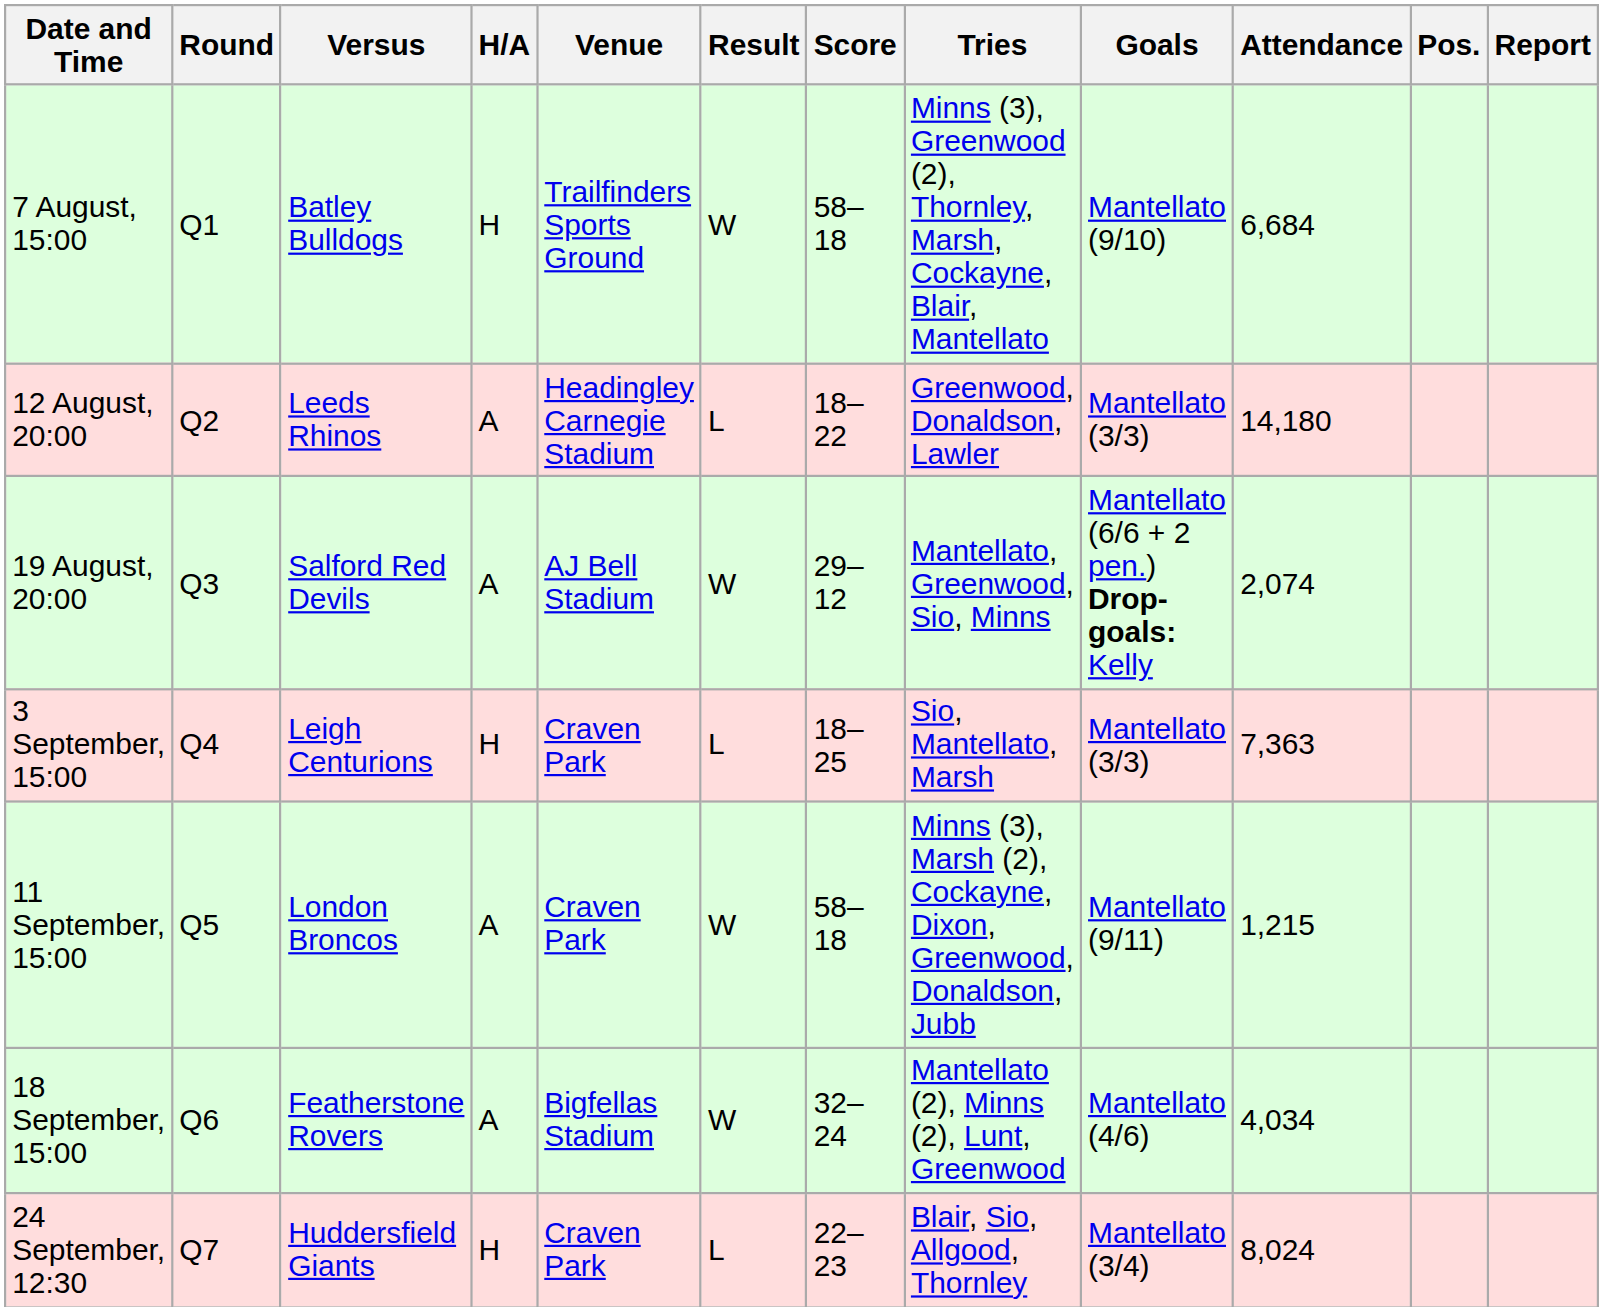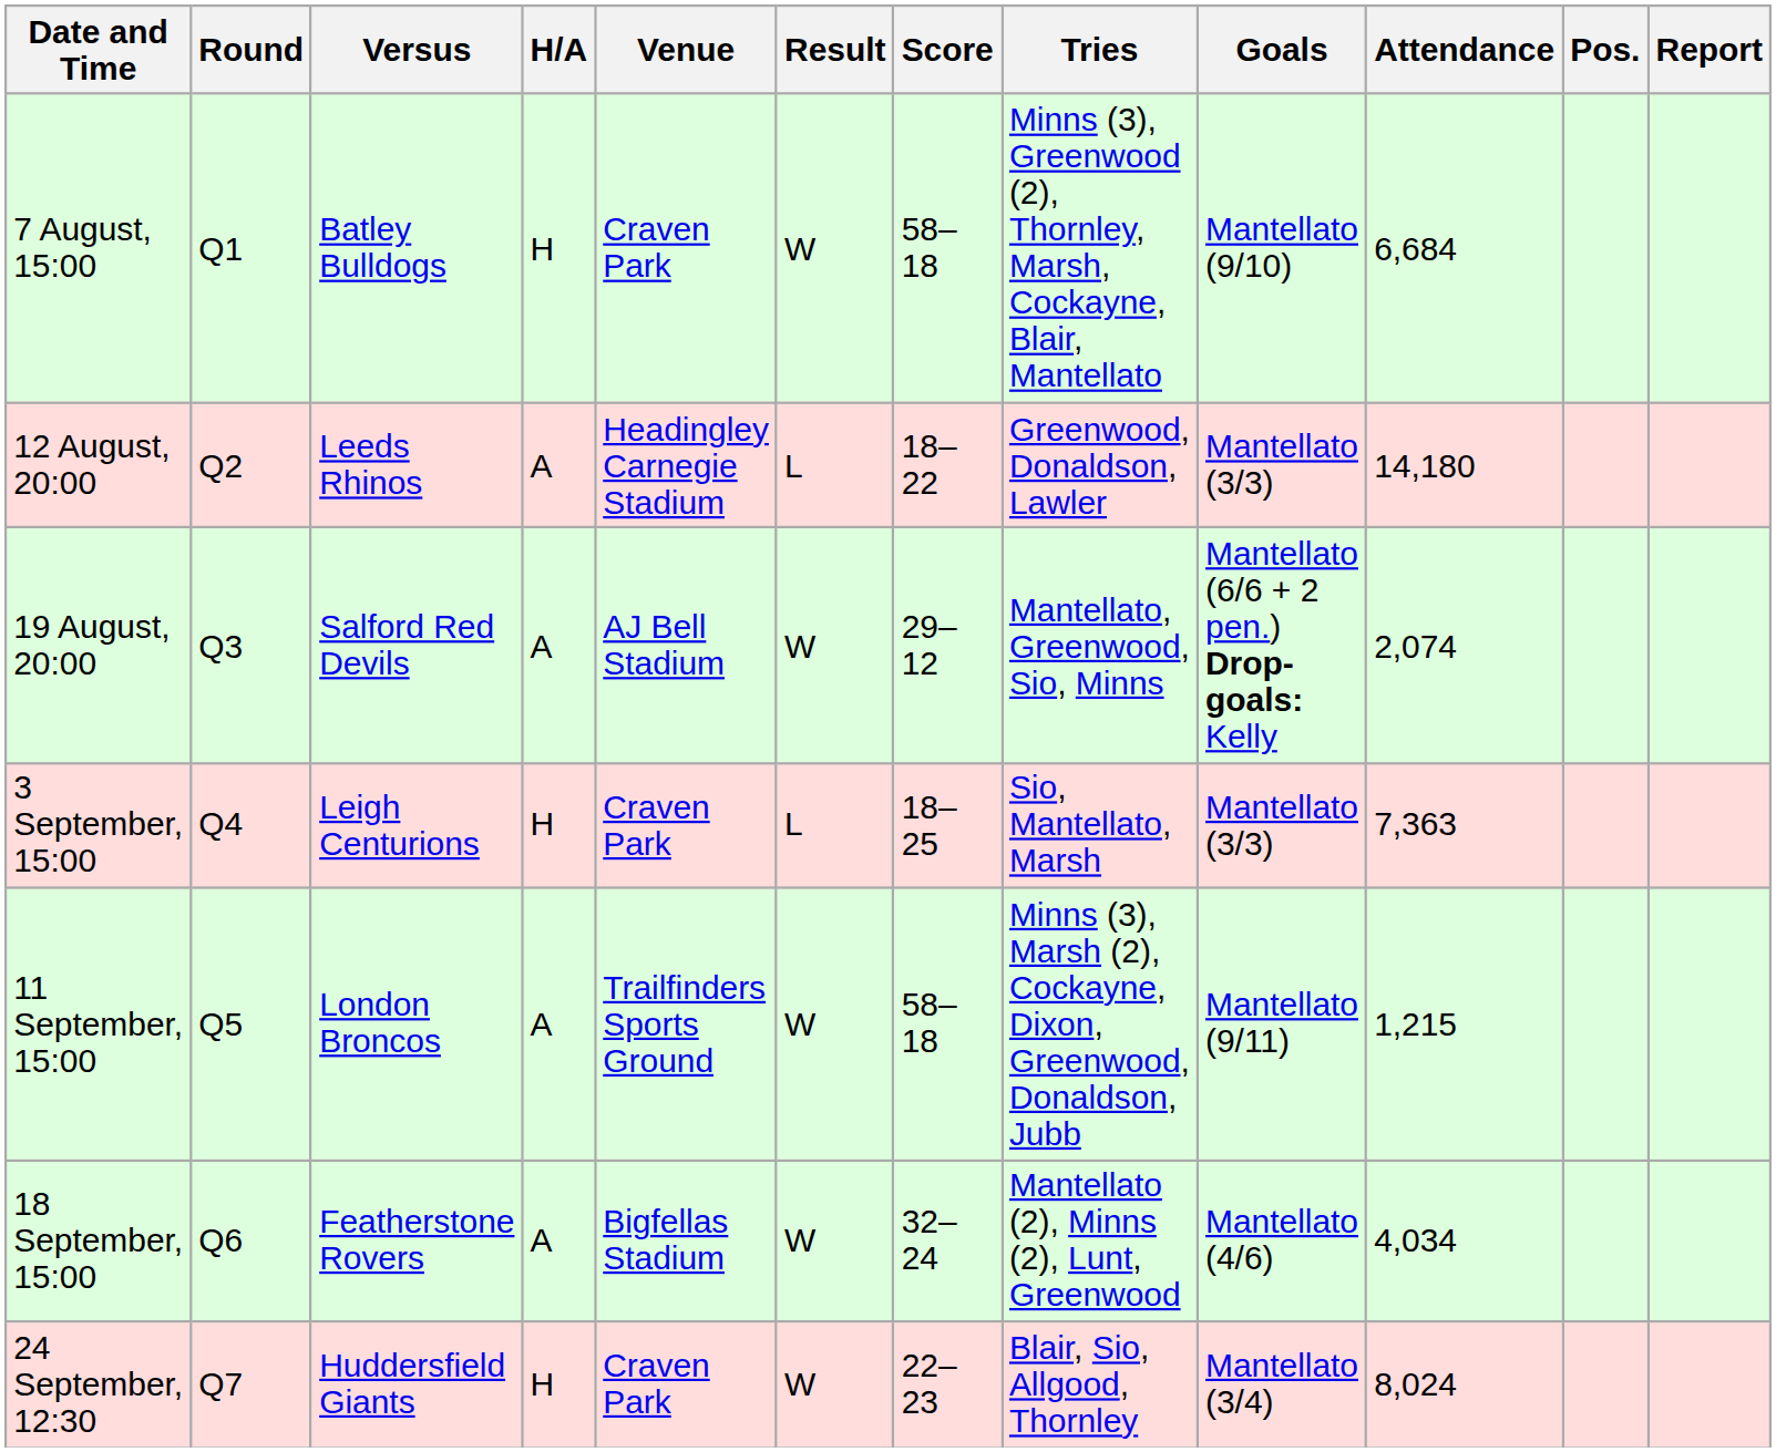 <table class="wikitable" style="font-size:85%;">
 <tr>
 <th>Date and Time</th>
 <th>Round</th>
 <th>Versus</th>
 <th>H/A</th>
 <th>Venue</th>
 <th>Result</th>
 <th>Score</th>
 <th>Tries</th>
 <th>Goals</th>
 <th>Attendance</th>
 <th>Pos.</th>
 <th>Report</th>
 </tr>
 <tr style="background:#ddffdd">
 <td>7 August, 15:00</td>
 <td>Q1</td>
 <td> <a href='#'>Batley Bulldogs</a></td>
 <td>H</td>
-<td><a href='#'>Trailfinders Sports Ground</a></td>
+<td><a href='#'>Craven Park</a></td>
 <td>W</td>
 <td>58–18</td>
 <td><a href='#'>Minns</a> (3), <a href='#'>Greenwood</a> (2), <a href='#'>Thornley</a>, <a href='#'>Marsh</a>, <a href='#'>Cockayne</a>, <a href='#'>Blair</a>, <a href='#'>Mantellato</a></td>
 <td><a href='#'>Mantellato</a> (9/10)</td>
 <td>6,684</td>
 <td></td>
 <td></td>
 </tr>
 <tr style="background:#ffdddd">
 <td>12 August, 20:00</td>
 <td>Q2</td>
 <td> <a href='#'>Leeds Rhinos</a></td>
 <td>A</td>
 <td><a href='#'>Headingley Carnegie Stadium</a></td>
 <td>L</td>
 <td>18–22</td>
 <td><a href='#'>Greenwood</a>, <a href='#'>Donaldson</a>, <a href='#'>Lawler</a></td>
 <td><a href='#'>Mantellato</a> (3/3)</td>
 <td>14,180</td>
 <td></td>
 <td></td>
 </tr>
 <tr style="background:#ddffdd">
 <td>19 August, 20:00</td>
 <td>Q3</td>
 <td> <a href='#'>Salford Red Devils</a></td>
 <td>A</td>
 <td><a href='#'>AJ Bell Stadium</a></td>
 <td>W</td>
 <td>29–12</td>
 <td><a href='#'>Mantellato</a>, <a href='#'>Greenwood</a>, <a href='#'>Sio</a>, <a href='#'>Minns</a></td>
 <td><a href='#'>Mantellato</a> (6/6 + 2 <a href='#'>pen.</a>)<br><strong>Drop-goals:</strong> <a href='#'>Kelly</a></td>
 <td>2,074</td>
 <td></td>
 <td></td>
 </tr>
 <tr style="background:#ffdddd">
 <td>3 September, 15:00</td>
 <td>Q4</td>
 <td> <a href='#'>Leigh Centurions</a></td>
 <td>H</td>
 <td><a href='#'>Craven Park</a></td>
 <td>L</td>
 <td>18–25</td>
 <td><a href='#'>Sio</a>, <a href='#'>Mantellato</a>, <a href='#'>Marsh</a></td>
 <td><a href='#'>Mantellato</a> (3/3)</td>
 <td>7,363</td>
 <td></td>
 <td></td>
 </tr>
 <tr style="background:#ddffdd">
 <td>11 September, 15:00</td>
 <td>Q5</td>
 <td> <a href='#'>London Broncos</a></td>
 <td>A</td>
-<td><a href='#'>Craven Park</a></td>
+<td><a href='#'>Trailfinders Sports Ground</a></td>
 <td>W</td>
 <td>58–18</td>
 <td><a href='#'>Minns</a> (3), <a href='#'>Marsh</a> (2), <a href='#'>Cockayne</a>, <a href='#'>Dixon</a>, <a href='#'>Greenwood</a>, <a href='#'>Donaldson</a>, <a href='#'>Jubb</a></td>
 <td><a href='#'>Mantellato</a> (9/11)</td>
 <td>1,215</td>
 <td></td>
 <td></td>
 </tr>
 <tr style="background:#ddffdd">
 <td>18 September, 15:00</td>
 <td>Q6</td>
 <td> <a href='#'>Featherstone Rovers</a></td>
 <td>A</td>
 <td><a href='#'>Bigfellas Stadium</a></td>
 <td>W</td>
 <td>32–24</td>
 <td><a href='#'>Mantellato</a> (2), <a href='#'>Minns</a> (2), <a href='#'>Lunt</a>, <a href='#'>Greenwood</a></td>
 <td><a href='#'>Mantellato</a> (4/6)</td>
 <td>4,034</td>
 <td></td>
 <td></td>
 </tr>
 <tr style="background:#ffdddd">
 <td>24 September, 12:30</td>
 <td>Q7</td>
 <td> <a href='#'>Huddersfield Giants</a></td>
 <td>H</td>
 <td><a href='#'>Craven Park</a></td>
-<td>L</td>
+<td>W</td>
 <td>22–23</td>
 <td><a href='#'>Blair</a>, <a href='#'>Sio</a>, <a href='#'>Allgood</a>, <a href='#'>Thornley</a></td>
 <td><a href='#'>Mantellato</a> (3/4)</td>
 <td>8,024</td>
 <td></td>
 <td></td>
 </tr>
 </table>
